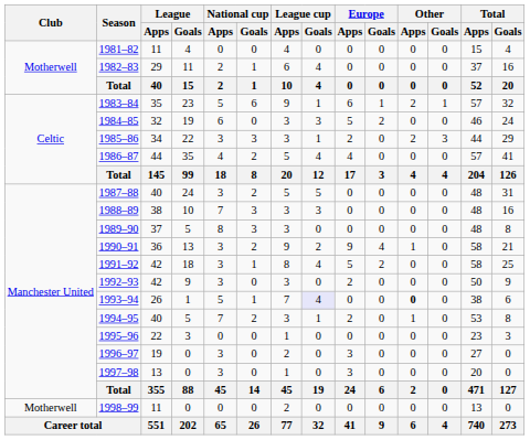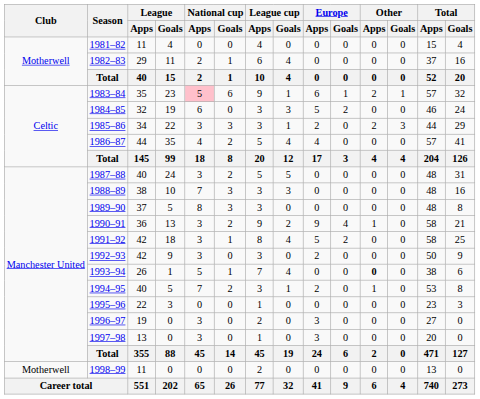 <table class="wikitable" style="text-align:center">
 <tr>
 <th rowspan="2">Club</th>
 <th rowspan="2">Season</th>
 <th colspan="2">League</th>
 <th colspan="2">National cup</th>
 <th colspan="2">League cup</th>
 <th colspan="2"><a href='#'>Europe</a></th>
 <th colspan="2">Other</th>
 <th colspan="2">Total</th>
 </tr>
 <tr>
 <th>Apps</th>
 <th>Goals</th>
 <th>Apps</th>
 <th>Goals</th>
 <th>Apps</th>
 <th>Goals</th>
 <th>Apps</th>
 <th>Goals</th>
 <th>Apps</th>
 <th>Goals</th>
 <th>Apps</th>
 <th>Goals</th>
 </tr>
 <tr>
 <td rowspan="3"><a href='#'>Motherwell</a></td>
 <td><a href='#'>1981–82</a></td>
 <td>11</td>
 <td>4</td>
 <td>0</td>
 <td>0</td>
 <td>4</td>
 <td>0</td>
 <td>0</td>
 <td>0</td>
 <td>0</td>
 <td>0</td>
 <td>15</td>
 <td>4</td>
 </tr>
 <tr>
 <td><a href='#'>1982–83</a></td>
 <td>29</td>
 <td>11</td>
 <td>2</td>
 <td>1</td>
 <td>6</td>
 <td>4</td>
 <td>0</td>
 <td>0</td>
 <td>0</td>
 <td>0</td>
 <td>37</td>
 <td>16</td>
 </tr>
 <tr>
 <th>Total</th>
 <th>40</th>
 <th>15</th>
 <th>2</th>
 <th>1</th>
 <th>10</th>
 <th>4</th>
 <th>0</th>
 <th>0</th>
 <th>0</th>
 <th>0</th>
 <th>52</th>
 <th>20</th>
 </tr>
 <tr>
 <td rowspan="5"><a href='#'>Celtic</a></td>
 <td><a href='#'>1983–84</a></td>
 <td>35</td>
 <td>23</td>
-<td>5</td>
+<td style="background: pink;">5</td>
 <td>6</td>
 <td>9</td>
 <td>1</td>
 <td>6</td>
 <td>1</td>
 <td>2</td>
 <td>1</td>
 <td>57</td>
 <td>32</td>
 </tr>
 <tr>
 <td><a href='#'>1984–85</a></td>
 <td>32</td>
 <td>19</td>
 <td>6</td>
 <td>0</td>
 <td>3</td>
 <td>3</td>
 <td>5</td>
 <td>2</td>
 <td>0</td>
 <td>0</td>
 <td>46</td>
 <td>24</td>
 </tr>
 <tr>
 <td><a href='#'>1985–86</a></td>
 <td>34</td>
 <td>22</td>
 <td>3</td>
 <td>3</td>
 <td>3</td>
 <td>1</td>
 <td>2</td>
 <td>0</td>
 <td>2</td>
 <td>3</td>
 <td>44</td>
 <td>29</td>
 </tr>
 <tr>
 <td><a href='#'>1986–87</a></td>
 <td>44</td>
 <td>35</td>
 <td>4</td>
 <td>2</td>
 <td>5</td>
 <td>4</td>
 <td>4</td>
 <td>0</td>
 <td>0</td>
 <td>0</td>
 <td>57</td>
 <td>41</td>
 </tr>
 <tr>
 <th>Total</th>
 <th>145</th>
 <th>99</th>
 <th>18</th>
 <th>8</th>
 <th>20</th>
 <th>12</th>
 <th>17</th>
 <th>3</th>
 <th>4</th>
 <th>4</th>
 <th>204</th>
 <th>126</th>
 </tr>
 <tr>
 <td rowspan="12"><a href='#'>Manchester United</a></td>
 <td><a href='#'>1987–88</a></td>
 <td>40</td>
 <td>24</td>
 <td>3</td>
 <td>2</td>
 <td>5</td>
 <td>5</td>
 <td>0</td>
 <td>0</td>
 <td>0</td>
 <td>0</td>
 <td>48</td>
 <td>31</td>
 </tr>
 <tr>
 <td><a href='#'>1988–89</a></td>
 <td>38</td>
 <td>10</td>
 <td>7</td>
 <td>3</td>
 <td>3</td>
 <td>3</td>
 <td>0</td>
 <td>0</td>
 <td>0</td>
 <td>0</td>
 <td>48</td>
 <td>16</td>
 </tr>
 <tr>
 <td><a href='#'>1989–90</a></td>
 <td>37</td>
 <td>5</td>
 <td>8</td>
 <td>3</td>
 <td>3</td>
 <td>0</td>
 <td>0</td>
 <td>0</td>
 <td>0</td>
 <td>0</td>
 <td>48</td>
 <td>8</td>
 </tr>
 <tr>
 <td><a href='#'>1990–91</a></td>
 <td>36</td>
 <td>13</td>
 <td>3</td>
 <td>2</td>
 <td>9</td>
 <td>2</td>
 <td>9</td>
 <td>4</td>
 <td>1</td>
 <td>0</td>
 <td>58</td>
 <td>21</td>
 </tr>
 <tr>
 <td><a href='#'>1991–92</a></td>
 <td>42</td>
 <td>18</td>
 <td>3</td>
 <td>1</td>
 <td>8</td>
 <td>4</td>
 <td>5</td>
 <td>2</td>
 <td>0</td>
 <td>0</td>
 <td>58</td>
 <td>25</td>
 </tr>
 <tr>
 <td><a href='#'>1992–93</a></td>
 <td>42</td>
 <td>9</td>
 <td>3</td>
 <td>0</td>
 <td>3</td>
 <td>0</td>
 <td>2</td>
 <td>0</td>
 <td>0</td>
 <td>0</td>
 <td>50</td>
 <td>9</td>
 </tr>
 <tr>
 <td><a href='#'>1993–94</a></td>
 <td>26</td>
 <td>1</td>
 <td>5</td>
 <td>1</td>
 <td>7</td>
-<td style="background: lavender;">4</td>
+<td>4</td>
 <td>0</td>
 <td>0</td>
 <td><strong>0</strong></td>
 <td>0</td>
 <td>38</td>
 <td>6</td>
 </tr>
 <tr>
 <td><a href='#'>1994–95</a></td>
 <td>40</td>
 <td>5</td>
 <td>7</td>
 <td>2</td>
 <td>3</td>
 <td>1</td>
 <td>2</td>
 <td>0</td>
 <td>1</td>
 <td>0</td>
 <td>53</td>
 <td>8</td>
 </tr>
 <tr>
 <td><a href='#'>1995–96</a></td>
 <td>22</td>
 <td>3</td>
 <td>0</td>
 <td>0</td>
 <td>1</td>
 <td>0</td>
 <td>0</td>
 <td>0</td>
 <td>0</td>
 <td>0</td>
 <td>23</td>
 <td>3</td>
 </tr>
 <tr>
 <td><a href='#'>1996–97</a></td>
 <td>19</td>
 <td>0</td>
 <td>3</td>
 <td>0</td>
 <td>2</td>
 <td>0</td>
 <td>3</td>
 <td>0</td>
 <td>0</td>
 <td>0</td>
 <td>27</td>
 <td>0</td>
 </tr>
 <tr>
 <td><a href='#'>1997–98</a></td>
 <td>13</td>
 <td>0</td>
 <td>3</td>
 <td>0</td>
 <td>1</td>
 <td>0</td>
 <td>3</td>
 <td>0</td>
 <td>0</td>
 <td>0</td>
 <td>20</td>
 <td>0</td>
 </tr>
 <tr>
 <th>Total</th>
 <th>355</th>
 <th>88</th>
 <th>45</th>
 <th>14</th>
 <th>45</th>
 <th>19</th>
 <th>24</th>
 <th>6</th>
 <th>2</th>
 <th>0</th>
 <th>471</th>
 <th>127</th>
 </tr>
 <tr>
 <td>Motherwell</td>
 <td><a href='#'>1998–99</a></td>
 <td>11</td>
 <td>0</td>
 <td>0</td>
 <td>0</td>
 <td>2</td>
 <td>0</td>
 <td>0</td>
 <td>0</td>
 <td>0</td>
 <td>0</td>
 <td>13</td>
 <td>0</td>
 </tr>
 <tr>
 <th colspan="2">Career total</th>
 <th>551</th>
 <th>202</th>
 <th>65</th>
 <th>26</th>
 <th>77</th>
 <th>32</th>
 <th>41</th>
 <th>9</th>
 <th>6</th>
 <th>4</th>
 <th>740</th>
 <th>273</th>
 </tr>
 </table>
